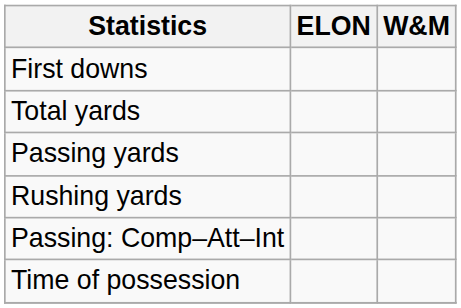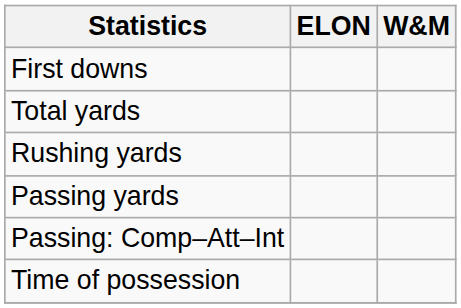 <table class="wikitable" style="float: left;">
 <tr>
 <th>Statistics</th>
 <th>ELON</th>
 <th>W&M</th>
 </tr>
 <tr>
 <td>First downs</td>
 <td></td>
 <td></td>
 </tr>
 <tr>
 <td>Total yards</td>
 <td></td>
 <td></td>
 </tr>
 <tr>
-<td>Passing yards</td>
+<td>Rushing yards</td>
 <td></td>
 <td></td>
 </tr>
 <tr>
-<td>Rushing yards</td>
+<td>Passing yards</td>
 <td></td>
 <td></td>
 </tr>
 <tr>
 <td>Passing: Comp–Att–Int</td>
 <td></td>
 <td></td>
 </tr>
 <tr>
 <td>Time of possession</td>
 <td></td>
 <td></td>
 </tr>
 <tr>
 </tr>
 </table>
